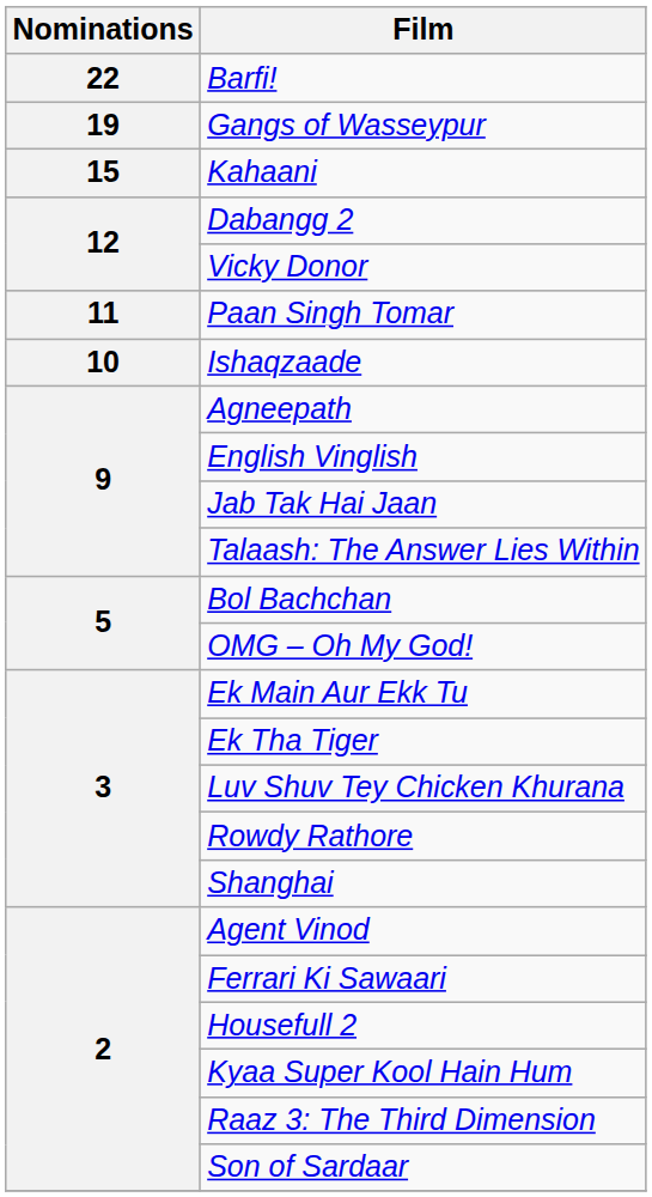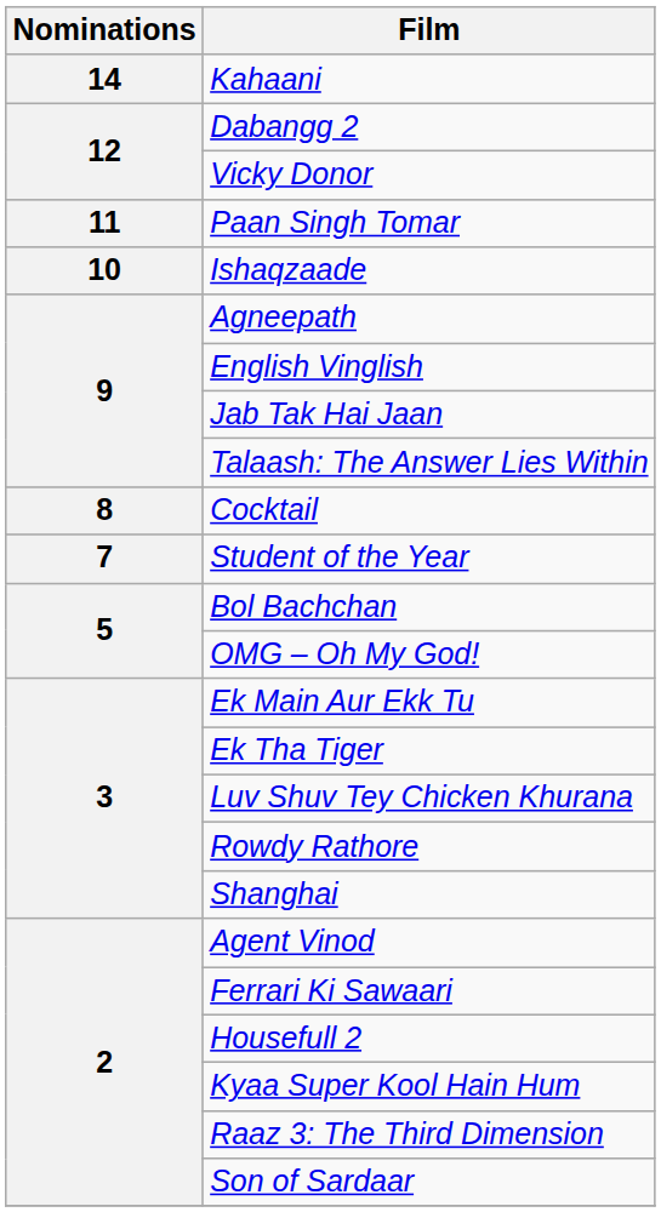 <table class="wikitable" style="display:inline-table;">
 <tr>
 <th>Nominations</th>
 <th>Film</th>
 </tr>
 <tr>
-<th>22</th>
-<td><em><a href='#'>Barfi!</a></em></td>
-</tr>
-<tr>
-<th>19</th>
-<td><em><a href='#'>Gangs of Wasseypur</a></em></td>
-</tr>
-<tr>
-<th>15</th>
+<th>14</th>
 <td><em><a href='#'>Kahaani</a></em></td>
 </tr>
 <tr>
 <th rowspan="2">12</th>
 <td><em><a href='#'>Dabangg 2</a></em></td>
 </tr>
 <tr>
 <td><em><a href='#'>Vicky Donor</a></em></td>
 </tr>
 <tr>
 <th>11</th>
 <td><em><a href='#'>Paan Singh Tomar</a></em></td>
 </tr>
 <tr>
 <th>10</th>
 <td><em><a href='#'>Ishaqzaade</a></em></td>
 </tr>
 <tr>
 <th rowspan="4">9</th>
 <td><em><a href='#'>Agneepath</a></em></td>
 </tr>
 <tr>
 <td><em><a href='#'>English Vinglish</a></em></td>
 </tr>
 <tr>
 <td><em><a href='#'>Jab Tak Hai Jaan</a></em></td>
 </tr>
 <tr>
 <td><em><a href='#'>Talaash: The Answer Lies Within</a></em></td>
+</tr>
+<tr>
+<th>8</th>
+<td><em><a href='#'>Cocktail</a></em></td>
+</tr>
+<tr>
+<th>7</th>
+<td><em><a href='#'>Student of the Year</a></em></td>
 </tr>
 <tr>
 <th rowspan="2">5</th>
 <td><em><a href='#'>Bol Bachchan</a></em></td>
 </tr>
 <tr>
 <td><em><a href='#'>OMG – Oh My God!</a></em></td>
 </tr>
 <tr>
 <th rowspan="5">3</th>
 <td><em><a href='#'>Ek Main Aur Ekk Tu</a></em></td>
 </tr>
 <tr>
 <td><em><a href='#'>Ek Tha Tiger</a></em></td>
 </tr>
 <tr>
 <td><em><a href='#'>Luv Shuv Tey Chicken Khurana</a></em></td>
 </tr>
 <tr>
 <td><em><a href='#'>Rowdy Rathore</a></em></td>
 </tr>
 <tr>
 <td><em><a href='#'>Shanghai</a></em></td>
 </tr>
 <tr>
 <th rowspan="6">2</th>
 <td><em><a href='#'>Agent Vinod</a></em></td>
 </tr>
 <tr>
 <td><em><a href='#'>Ferrari Ki Sawaari</a></em></td>
 </tr>
 <tr>
 <td><em><a href='#'>Housefull 2</a></em></td>
 </tr>
 <tr>
 <td><em><a href='#'>Kyaa Super Kool Hain Hum</a></em></td>
 </tr>
 <tr>
 <td><em><a href='#'>Raaz 3: The Third Dimension</a></em></td>
 </tr>
 <tr>
 <td><em><a href='#'>Son of Sardaar</a></em></td>
 </tr>
 <tr>
 </tr>
 </table>
